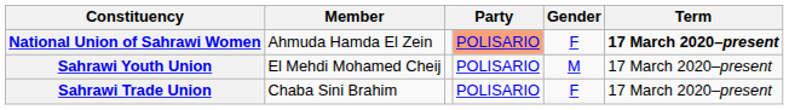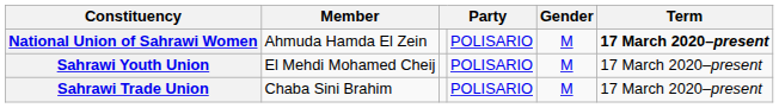 <table class="wikitable">
 <tr valign=bottom>
 <th>Constituency</th>
 <th>Member</th>
 <th colspan="2">Party</th>
 <th>Gender</th>
 <th>Term</th>
 </tr>
 <tr>
 <th><a href='#'>National Union of Sahrawi Women</a></th>
 <td>Ahmuda Hamda El Zein</td>
 <td width="1"></td>
-<td style="background: lightsalmon;"><a href='#'>POLISARIO</a></td>
-<td align="center"><a href='#'>F</a></td>
+<td><a href='#'>POLISARIO</a></td>
+<td align="center"><a href='#'>M</a></td>
 <td><strong>17 March 2020–<em>present</em></strong></td>
 </tr>
 <tr>
 <th><a href='#'>Sahrawi Youth Union</a></th>
 <td>El Mehdi Mohamed Cheij</td>
 <td width="1"></td>
 <td><a href='#'>POLISARIO</a></td>
 <td align="center"><a href='#'>M</a></td>
 <td>17 March 2020–<em>present</em></td>
 </tr>
 <tr>
 <th><a href='#'>Sahrawi Trade Union</a></th>
 <td>Chaba Sini Brahim</td>
 <td width="1"></td>
 <td><a href='#'>POLISARIO</a></td>
-<td align="center"><a href='#'>F</a></td>
+<td align="center"><a href='#'>M</a></td>
 <td>17 March 2020–<em>present</em></td>
 </tr>
 </table>
